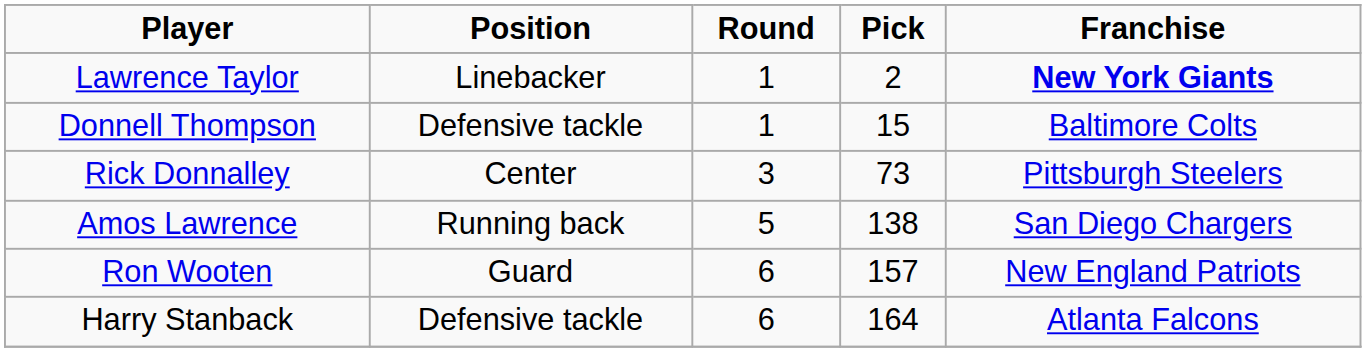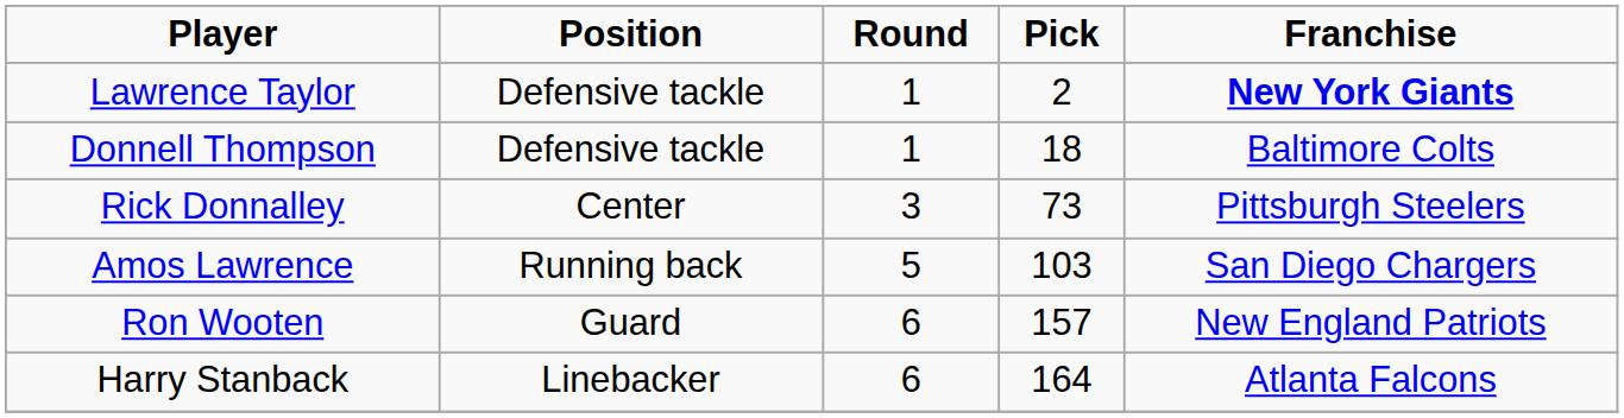 <table class="wikitable" width="80%">
 <tr align="center">
 <td><strong>Player</strong></td>
 <td><strong>Position</strong></td>
 <td><strong>Round</strong></td>
 <td><strong>Pick</strong></td>
 <td><strong>Franchise</strong></td>
 </tr>
 <tr align="center" bgcolor="">
 <td><a href='#'>Lawrence Taylor</a></td>
-<td>Linebacker</td>
+<td>Defensive tackle</td>
 <td>1</td>
 <td>2</td>
 <td><strong><a href='#'>New York Giants</a></strong></td>
 </tr>
 <tr align="center" bgcolor="">
 <td><a href='#'>Donnell Thompson</a></td>
 <td>Defensive tackle</td>
 <td>1</td>
-<td>15</td>
+<td>18</td>
 <td><a href='#'>Baltimore Colts</a></td>
 </tr>
 <tr align="center" bgcolor="">
 <td><a href='#'>Rick Donnalley</a></td>
 <td>Center</td>
 <td>3</td>
 <td>73</td>
 <td><a href='#'>Pittsburgh Steelers</a></td>
 </tr>
 <tr align="center" bgcolor="">
 <td><a href='#'>Amos Lawrence</a></td>
 <td>Running back</td>
 <td>5</td>
-<td>138</td>
+<td>103</td>
 <td><a href='#'>San Diego Chargers</a></td>
 </tr>
 <tr align="center" bgcolor="">
 <td><a href='#'>Ron Wooten</a></td>
 <td>Guard</td>
 <td>6</td>
 <td>157</td>
 <td><a href='#'>New England Patriots</a></td>
 </tr>
 <tr align="center" bgcolor="">
 <td>Harry Stanback</td>
-<td>Defensive tackle</td>
+<td>Linebacker</td>
 <td>6</td>
 <td>164</td>
 <td><a href='#'>Atlanta Falcons</a></td>
 </tr>
 <tr align="center" bgcolor="">
 </tr>
 </table>
